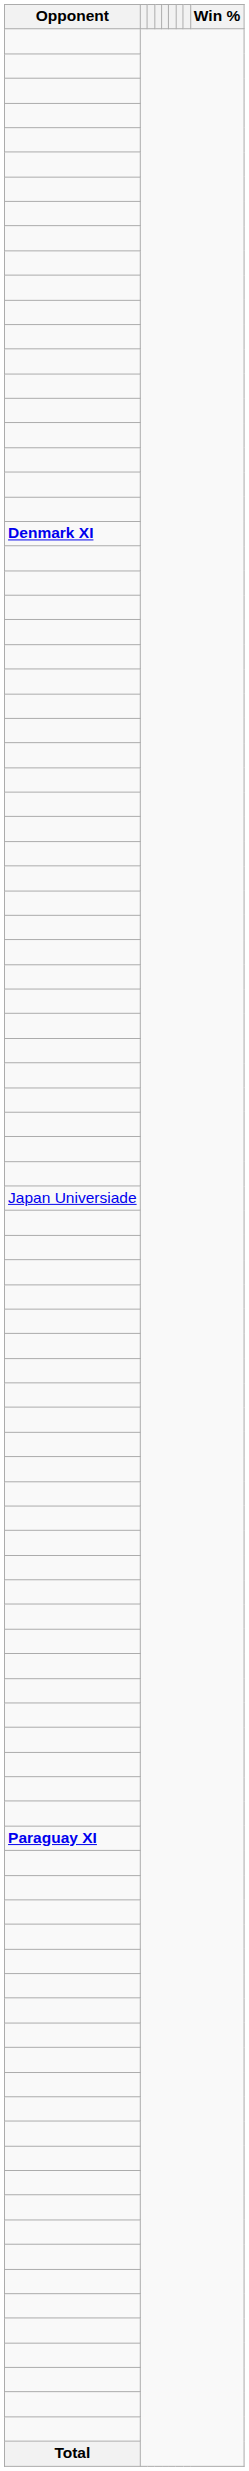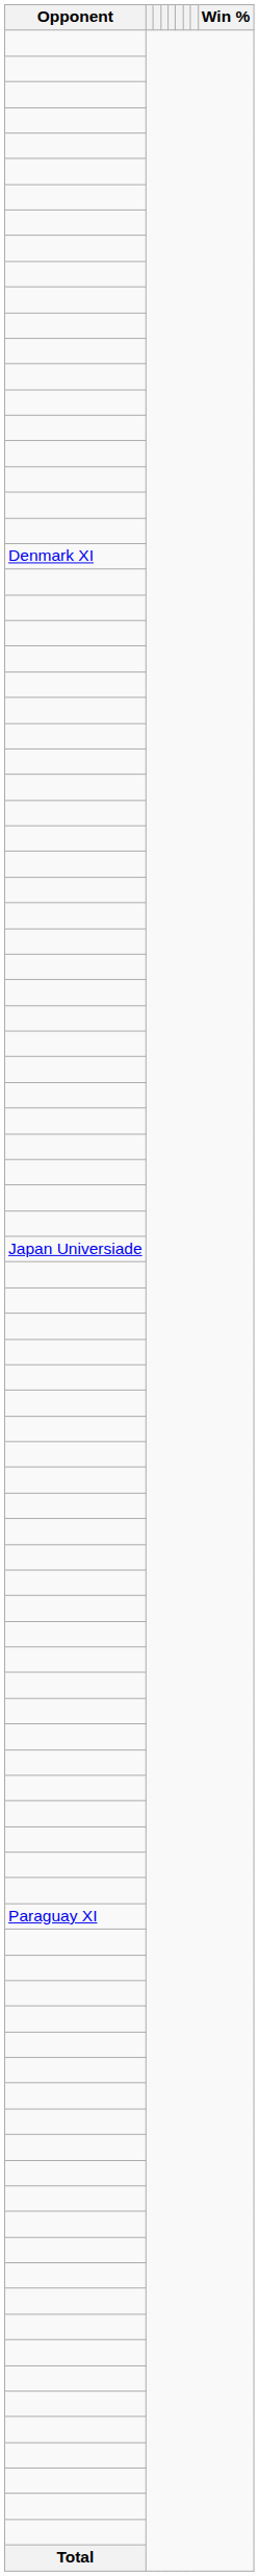 <table class="wikitable sortable collapsible collapsed" style="text-align: center;">
 <tr>
 <th>Opponent</th>
 <th></th>
 <th></th>
 <th></th>
 <th></th>
 <th></th>
 <th></th>
 <th></th>
 <th>Win %</th>
 </tr>
 <tr>
 <td align="left"><br></td>
 </tr>
 <tr>
 <td align="left"><br></td>
 </tr>
 <tr>
 <td align="left"><br></td>
 </tr>
 <tr>
 <td align="left"><br></td>
 </tr>
 <tr>
 <td align="left"><br></td>
 </tr>
 <tr>
 <td align="left"><br></td>
 </tr>
 <tr>
 <td align="left"><br></td>
 </tr>
 <tr>
 <td align="left"><br></td>
 </tr>
 <tr>
 <td align="left"><br></td>
 </tr>
 <tr>
 <td align="left"><br></td>
 </tr>
 <tr>
 <td align="left"><br></td>
 </tr>
 <tr>
 <td align="left"><br></td>
 </tr>
 <tr>
 <td align="left"><br></td>
 </tr>
 <tr>
 <td align="left"><br></td>
 </tr>
 <tr>
 <td align="left"><br></td>
 </tr>
 <tr>
 <td align="left"><br></td>
 </tr>
 <tr>
 <td align="left"><br></td>
 </tr>
 <tr>
 <td align="left"><br></td>
 </tr>
 <tr>
 <td align="left"><br></td>
 </tr>
 <tr>
 <td align="left"><br></td>
 </tr>
 <tr>
-<td align="left"><strong> <a href='#'>Denmark XI</a><br></strong></td>
+<td align="left"> <a href='#'>Denmark XI</a><br></td>
 </tr>
 <tr>
 <td align="left"><br></td>
 </tr>
 <tr>
 <td align="left"><br></td>
 </tr>
 <tr>
 <td align="left"><br></td>
 </tr>
 <tr>
 <td align="left"><br></td>
 </tr>
 <tr>
 <td align="left"><br></td>
 </tr>
 <tr>
 <td align="left"><br></td>
 </tr>
 <tr>
 <td align="left"><br></td>
 </tr>
 <tr>
 <td align="left"><br></td>
 </tr>
 <tr>
 <td align="left"><br></td>
 </tr>
 <tr>
 <td align="left"><br></td>
 </tr>
 <tr>
 <td align="left"><br></td>
 </tr>
 <tr>
 <td align="left"><br></td>
 </tr>
 <tr>
 <td align="left"><br></td>
 </tr>
 <tr>
 <td align="left"><br></td>
 </tr>
 <tr>
 <td align="left"><br></td>
 </tr>
 <tr>
 <td align="left"><br></td>
 </tr>
 <tr>
 <td align="left"><br></td>
 </tr>
 <tr>
 <td align="left"><br></td>
 </tr>
 <tr>
 <td align="left"><br></td>
 </tr>
 <tr>
 <td align="left"><br></td>
 </tr>
 <tr>
 <td align="left"><br></td>
 </tr>
 <tr>
 <td align="left"><br></td>
 </tr>
 <tr>
 <td align="left"><br></td>
 </tr>
 <tr>
 <td align="left"><br></td>
 </tr>
 <tr>
 <td align="left"><br></td>
 </tr>
 <tr>
 <td align="left"><br></td>
 </tr>
 <tr>
 <td align="left"> <a href='#'>Japan Universiade</a><br></td>
 </tr>
 <tr>
 <td align="left"><br></td>
 </tr>
 <tr>
 <td align="left"><br></td>
 </tr>
 <tr>
 <td align="left"><br></td>
 </tr>
 <tr>
 <td align="left"><br></td>
 </tr>
 <tr>
 <td align="left"><br></td>
 </tr>
 <tr>
 <td align="left"><br></td>
 </tr>
 <tr>
 <td align="left"><br></td>
 </tr>
 <tr>
 <td align="left"><br></td>
 </tr>
 <tr>
 <td align="left"><br></td>
 </tr>
 <tr>
 <td align="left"><br></td>
 </tr>
 <tr>
 <td align="left"><br></td>
 </tr>
 <tr>
 <td align="left"><br></td>
 </tr>
 <tr>
 <td align="left"><br></td>
 </tr>
 <tr>
 <td align="left"><br></td>
 </tr>
 <tr>
 <td align="left"><br></td>
 </tr>
 <tr>
 <td align="left"><br></td>
 </tr>
 <tr>
 <td align="left"><br></td>
 </tr>
 <tr>
 <td align="left"><br></td>
 </tr>
 <tr>
 <td align="left"><br></td>
 </tr>
 <tr>
 <td align="left"><br></td>
 </tr>
 <tr>
 <td align="left"><br></td>
 </tr>
 <tr>
 <td align="left"><br></td>
 </tr>
 <tr>
 <td align="left"><br></td>
 </tr>
 <tr>
 <td align="left"><br></td>
 </tr>
 <tr>
 <td align="left"><br></td>
 </tr>
 <tr>
-<td align="left"><strong> <a href='#'>Paraguay XI</a><br></strong></td>
+<td align="left"> <a href='#'>Paraguay XI</a><br></td>
 </tr>
 <tr>
 <td align="left"><br></td>
 </tr>
 <tr>
 <td align="left"><br></td>
 </tr>
 <tr>
 <td align="left"><br></td>
 </tr>
 <tr>
 <td align="left"><br></td>
 </tr>
 <tr>
 <td align="left"><br></td>
 </tr>
 <tr>
 <td align="left"><br></td>
 </tr>
 <tr>
 <td align="left"><br></td>
 </tr>
 <tr>
 <td align="left"><br></td>
 </tr>
 <tr>
 <td align="left"><br></td>
 </tr>
 <tr>
 <td align="left"><br></td>
 </tr>
 <tr>
 <td align="left"><br></td>
 </tr>
 <tr>
 <td align="left"><br></td>
 </tr>
 <tr>
 <td align="left"><br></td>
 </tr>
 <tr>
 <td align="left"><br></td>
 </tr>
 <tr>
 <td align="left"><br></td>
 </tr>
 <tr>
 <td align="left"><br></td>
 </tr>
 <tr>
 <td align="left"><br></td>
 </tr>
 <tr>
 <td align="left"><br></td>
 </tr>
 <tr>
 <td align="left"><br></td>
 </tr>
 <tr>
 <td align="left"><br></td>
 </tr>
 <tr>
 <td align="left"><br></td>
 </tr>
 <tr>
 <td align="left"><br></td>
 </tr>
 <tr>
 <td align="left"><br></td>
 </tr>
 <tr>
 <td align="left"><br></td>
 </tr>
 <tr class=sortbottom>
 <th>Total<br></th>
 </tr>
 </table>
